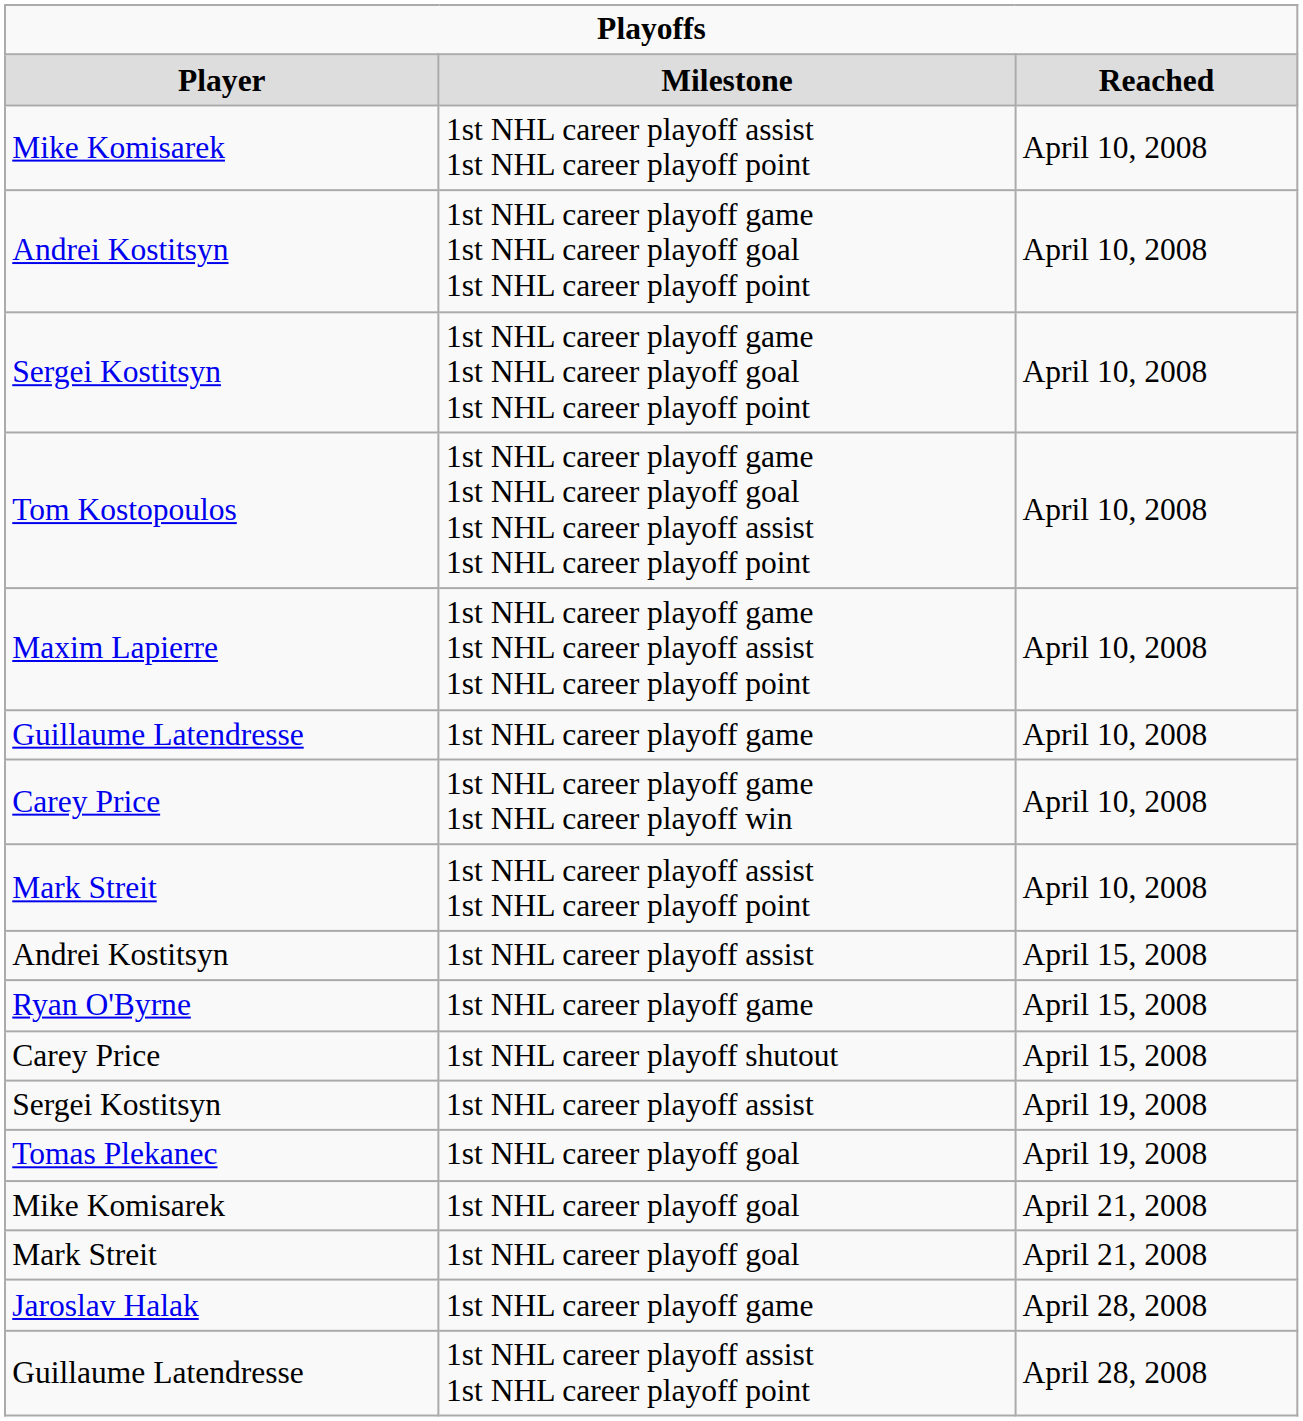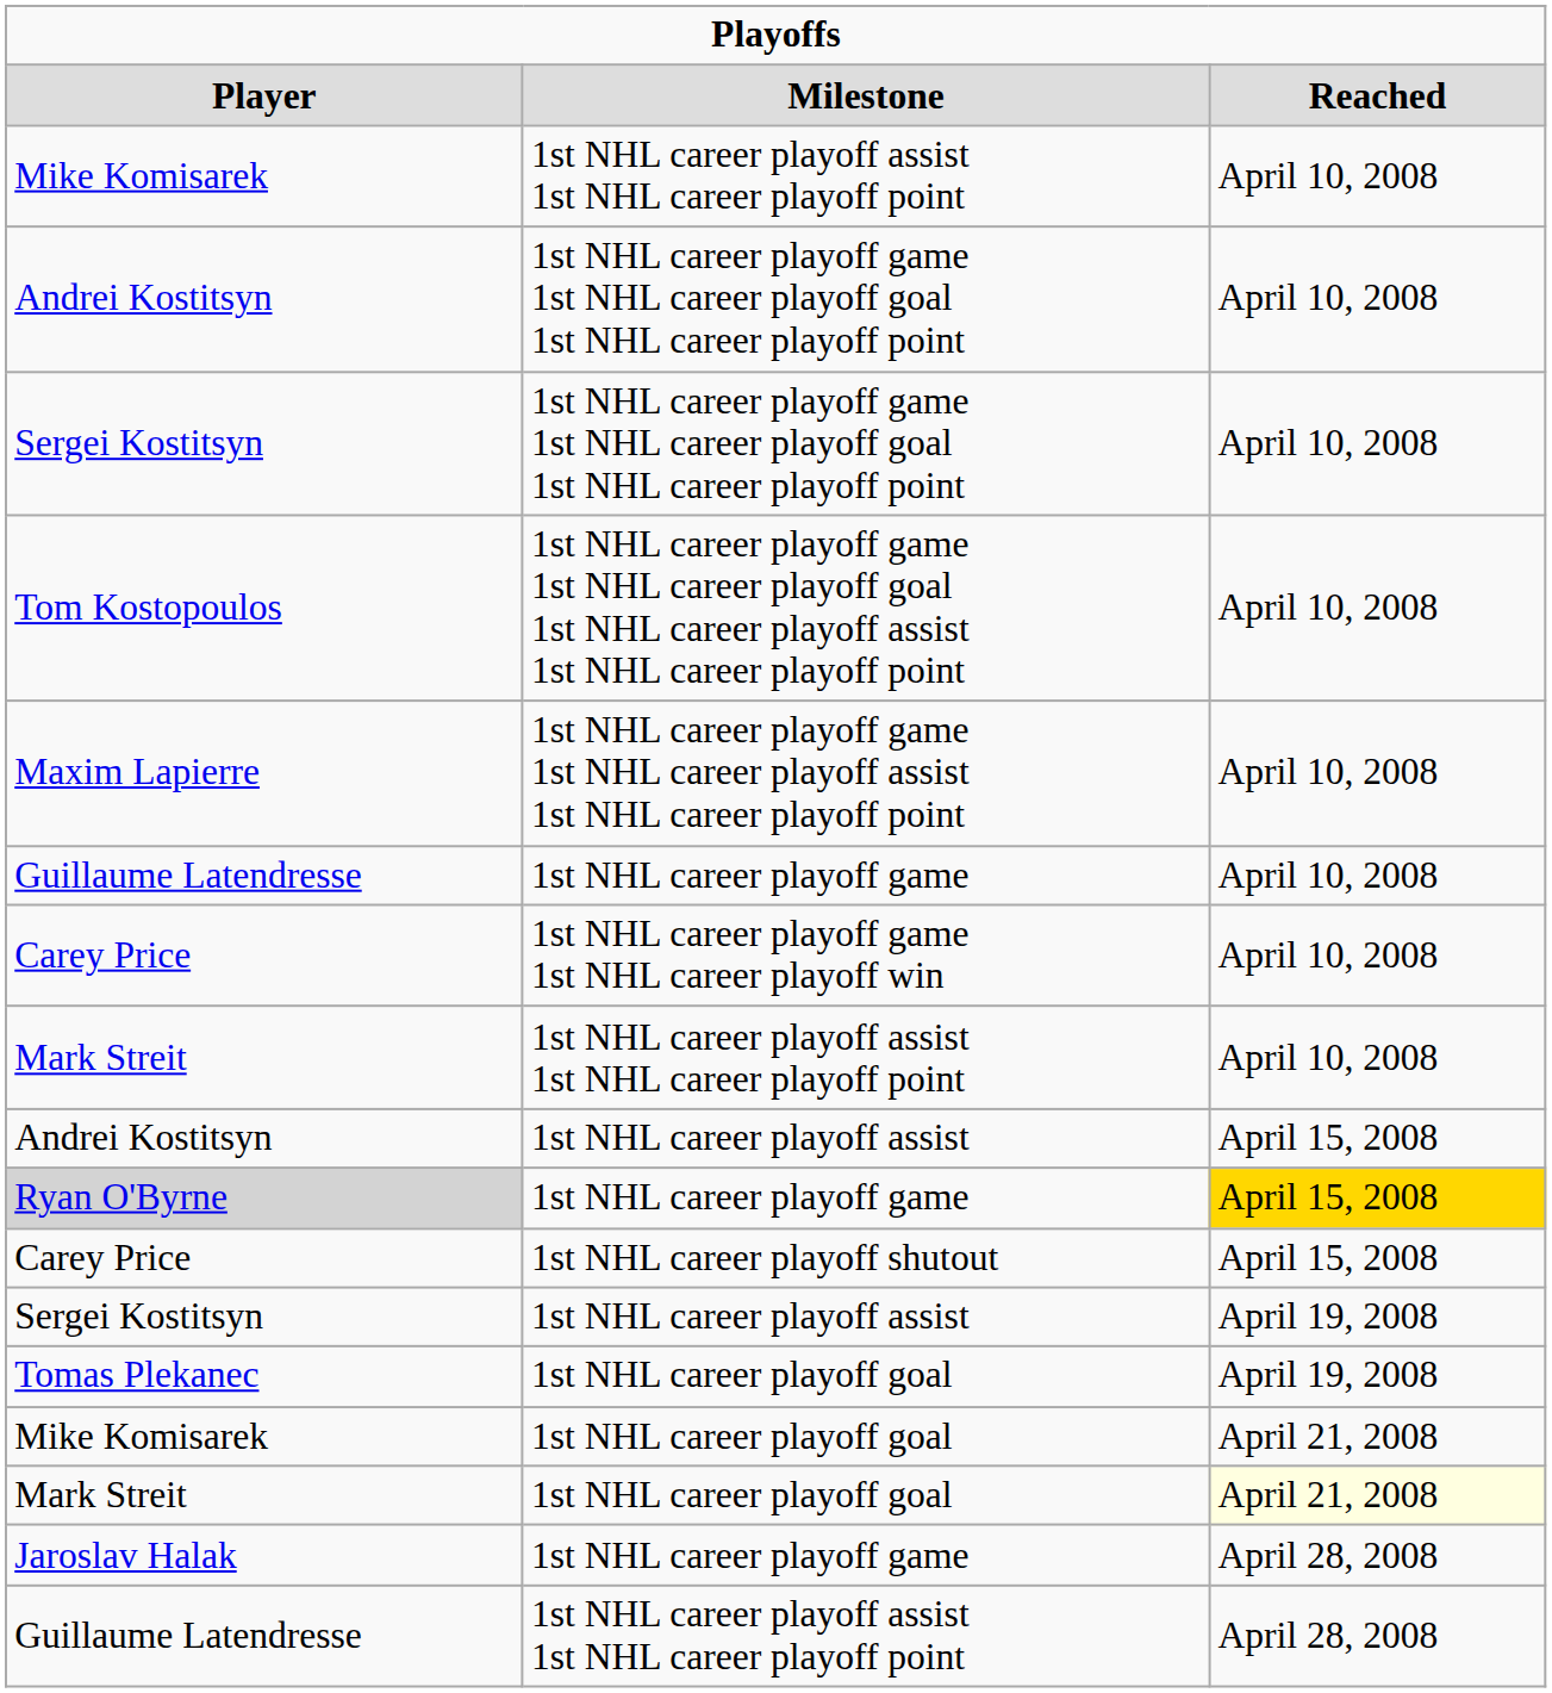 <table class="wikitable" style="width:52%;">
 <tr>
 <td colspan="10" style="text-align:center;"><strong>Playoffs</strong></td>
 </tr>
 <tr style="text-align:center; background:#ddd;">
 <td><strong>Player</strong></td>
 <td><strong>Milestone</strong></td>
 <td><strong>Reached</strong></td>
 </tr>
 <tr>
 <td><a href='#'>Mike Komisarek</a></td>
 <td>1st NHL career playoff assist<br>1st NHL career playoff point</td>
 <td>April 10, 2008</td>
 </tr>
 <tr>
 <td><a href='#'>Andrei Kostitsyn</a></td>
 <td>1st NHL career playoff game<br>1st NHL career playoff goal<br>1st NHL career playoff point</td>
 <td>April 10, 2008</td>
 </tr>
 <tr>
 <td><a href='#'>Sergei Kostitsyn</a></td>
 <td>1st NHL career playoff game<br>1st NHL career playoff goal<br>1st NHL career playoff point</td>
 <td>April 10, 2008</td>
 </tr>
 <tr>
 <td><a href='#'>Tom Kostopoulos</a></td>
 <td>1st NHL career playoff game<br>1st NHL career playoff goal<br>1st NHL career playoff assist<br>1st NHL career playoff point</td>
 <td>April 10, 2008</td>
 </tr>
 <tr>
 <td><a href='#'>Maxim Lapierre</a></td>
 <td>1st NHL career playoff game<br>1st NHL career playoff assist<br>1st NHL career playoff point</td>
 <td>April 10, 2008</td>
 </tr>
 <tr>
 <td><a href='#'>Guillaume Latendresse</a></td>
 <td>1st NHL career playoff game</td>
 <td>April 10, 2008</td>
 </tr>
 <tr>
 <td><a href='#'>Carey Price</a></td>
 <td>1st NHL career playoff game<br>1st NHL career playoff win</td>
 <td>April 10, 2008</td>
 </tr>
 <tr>
 <td><a href='#'>Mark Streit</a></td>
 <td>1st NHL career playoff assist<br>1st NHL career playoff point</td>
 <td>April 10, 2008</td>
 </tr>
 <tr>
 <td>Andrei Kostitsyn</td>
 <td>1st NHL career playoff assist</td>
 <td>April 15, 2008</td>
 </tr>
 <tr>
-<td><a href='#'>Ryan O'Byrne</a></td>
+<td style="background: lightgrey;"><a href='#'>Ryan O'Byrne</a></td>
 <td>1st NHL career playoff game</td>
-<td>April 15, 2008</td>
+<td style="background: gold;">April 15, 2008</td>
 </tr>
 <tr>
 <td>Carey Price</td>
 <td>1st NHL career playoff shutout</td>
 <td>April 15, 2008</td>
 </tr>
 <tr>
 <td>Sergei Kostitsyn</td>
 <td>1st NHL career playoff assist</td>
 <td>April 19, 2008</td>
 </tr>
 <tr>
 <td><a href='#'>Tomas Plekanec</a></td>
 <td>1st NHL career playoff goal</td>
 <td>April 19, 2008</td>
 </tr>
 <tr>
 <td>Mike Komisarek</td>
 <td>1st NHL career playoff goal</td>
 <td>April 21, 2008</td>
 </tr>
 <tr>
 <td>Mark Streit</td>
 <td>1st NHL career playoff goal</td>
-<td>April 21, 2008</td>
+<td style="background: lightyellow;">April 21, 2008</td>
 </tr>
 <tr>
 <td><a href='#'>Jaroslav Halak</a></td>
 <td>1st NHL career playoff game</td>
 <td>April 28, 2008</td>
 </tr>
 <tr>
 <td>Guillaume Latendresse</td>
 <td>1st NHL career playoff assist<br>1st NHL career playoff point</td>
 <td>April 28, 2008</td>
 </tr>
 </table>
